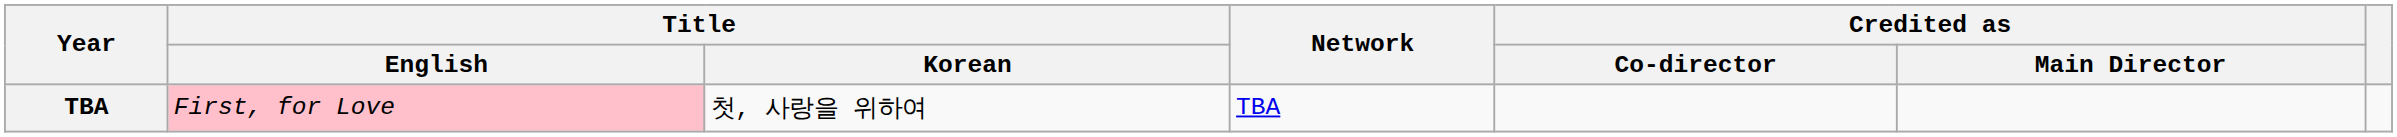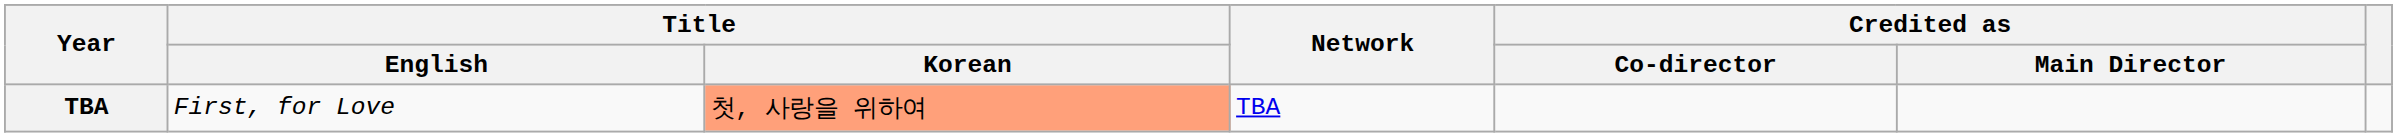 <table class="wikitable sortable plainrowheaders" style="text-align:left; font-size:100%; padding:0 auto; width:100%; margin:auto">
 <tr>
 <th rowspan="2" scope="col">Year</th>
 <th colspan="2" scope="col">Title</th>
 <th rowspan="2" scope="col">Network</th>
 <th colspan="2">Credited as</th>
 <th rowspan="2" scope="col" class="unsortable"></th>
 </tr>
 <tr>
 <th>English</th>
 <th>Korean</th>
 <th>Co-director</th>
 <th>Main Director</th>
 </tr>
 <tr>
 <th scope="row" rowspan="2">TBA</th>
-<td style="background: pink;"><em>First, for Love </em></td>
-<td>첫, 사랑을 위하여</td>
+<td><em>First, for Love </em></td>
+<td style="background: lightsalmon;">첫, 사랑을 위하여</td>
 <td rowspan="5"><a href='#'>TBA</a></td>
 <td></td>
 <td></td>
 <td></td>
 </tr>
 </table>
